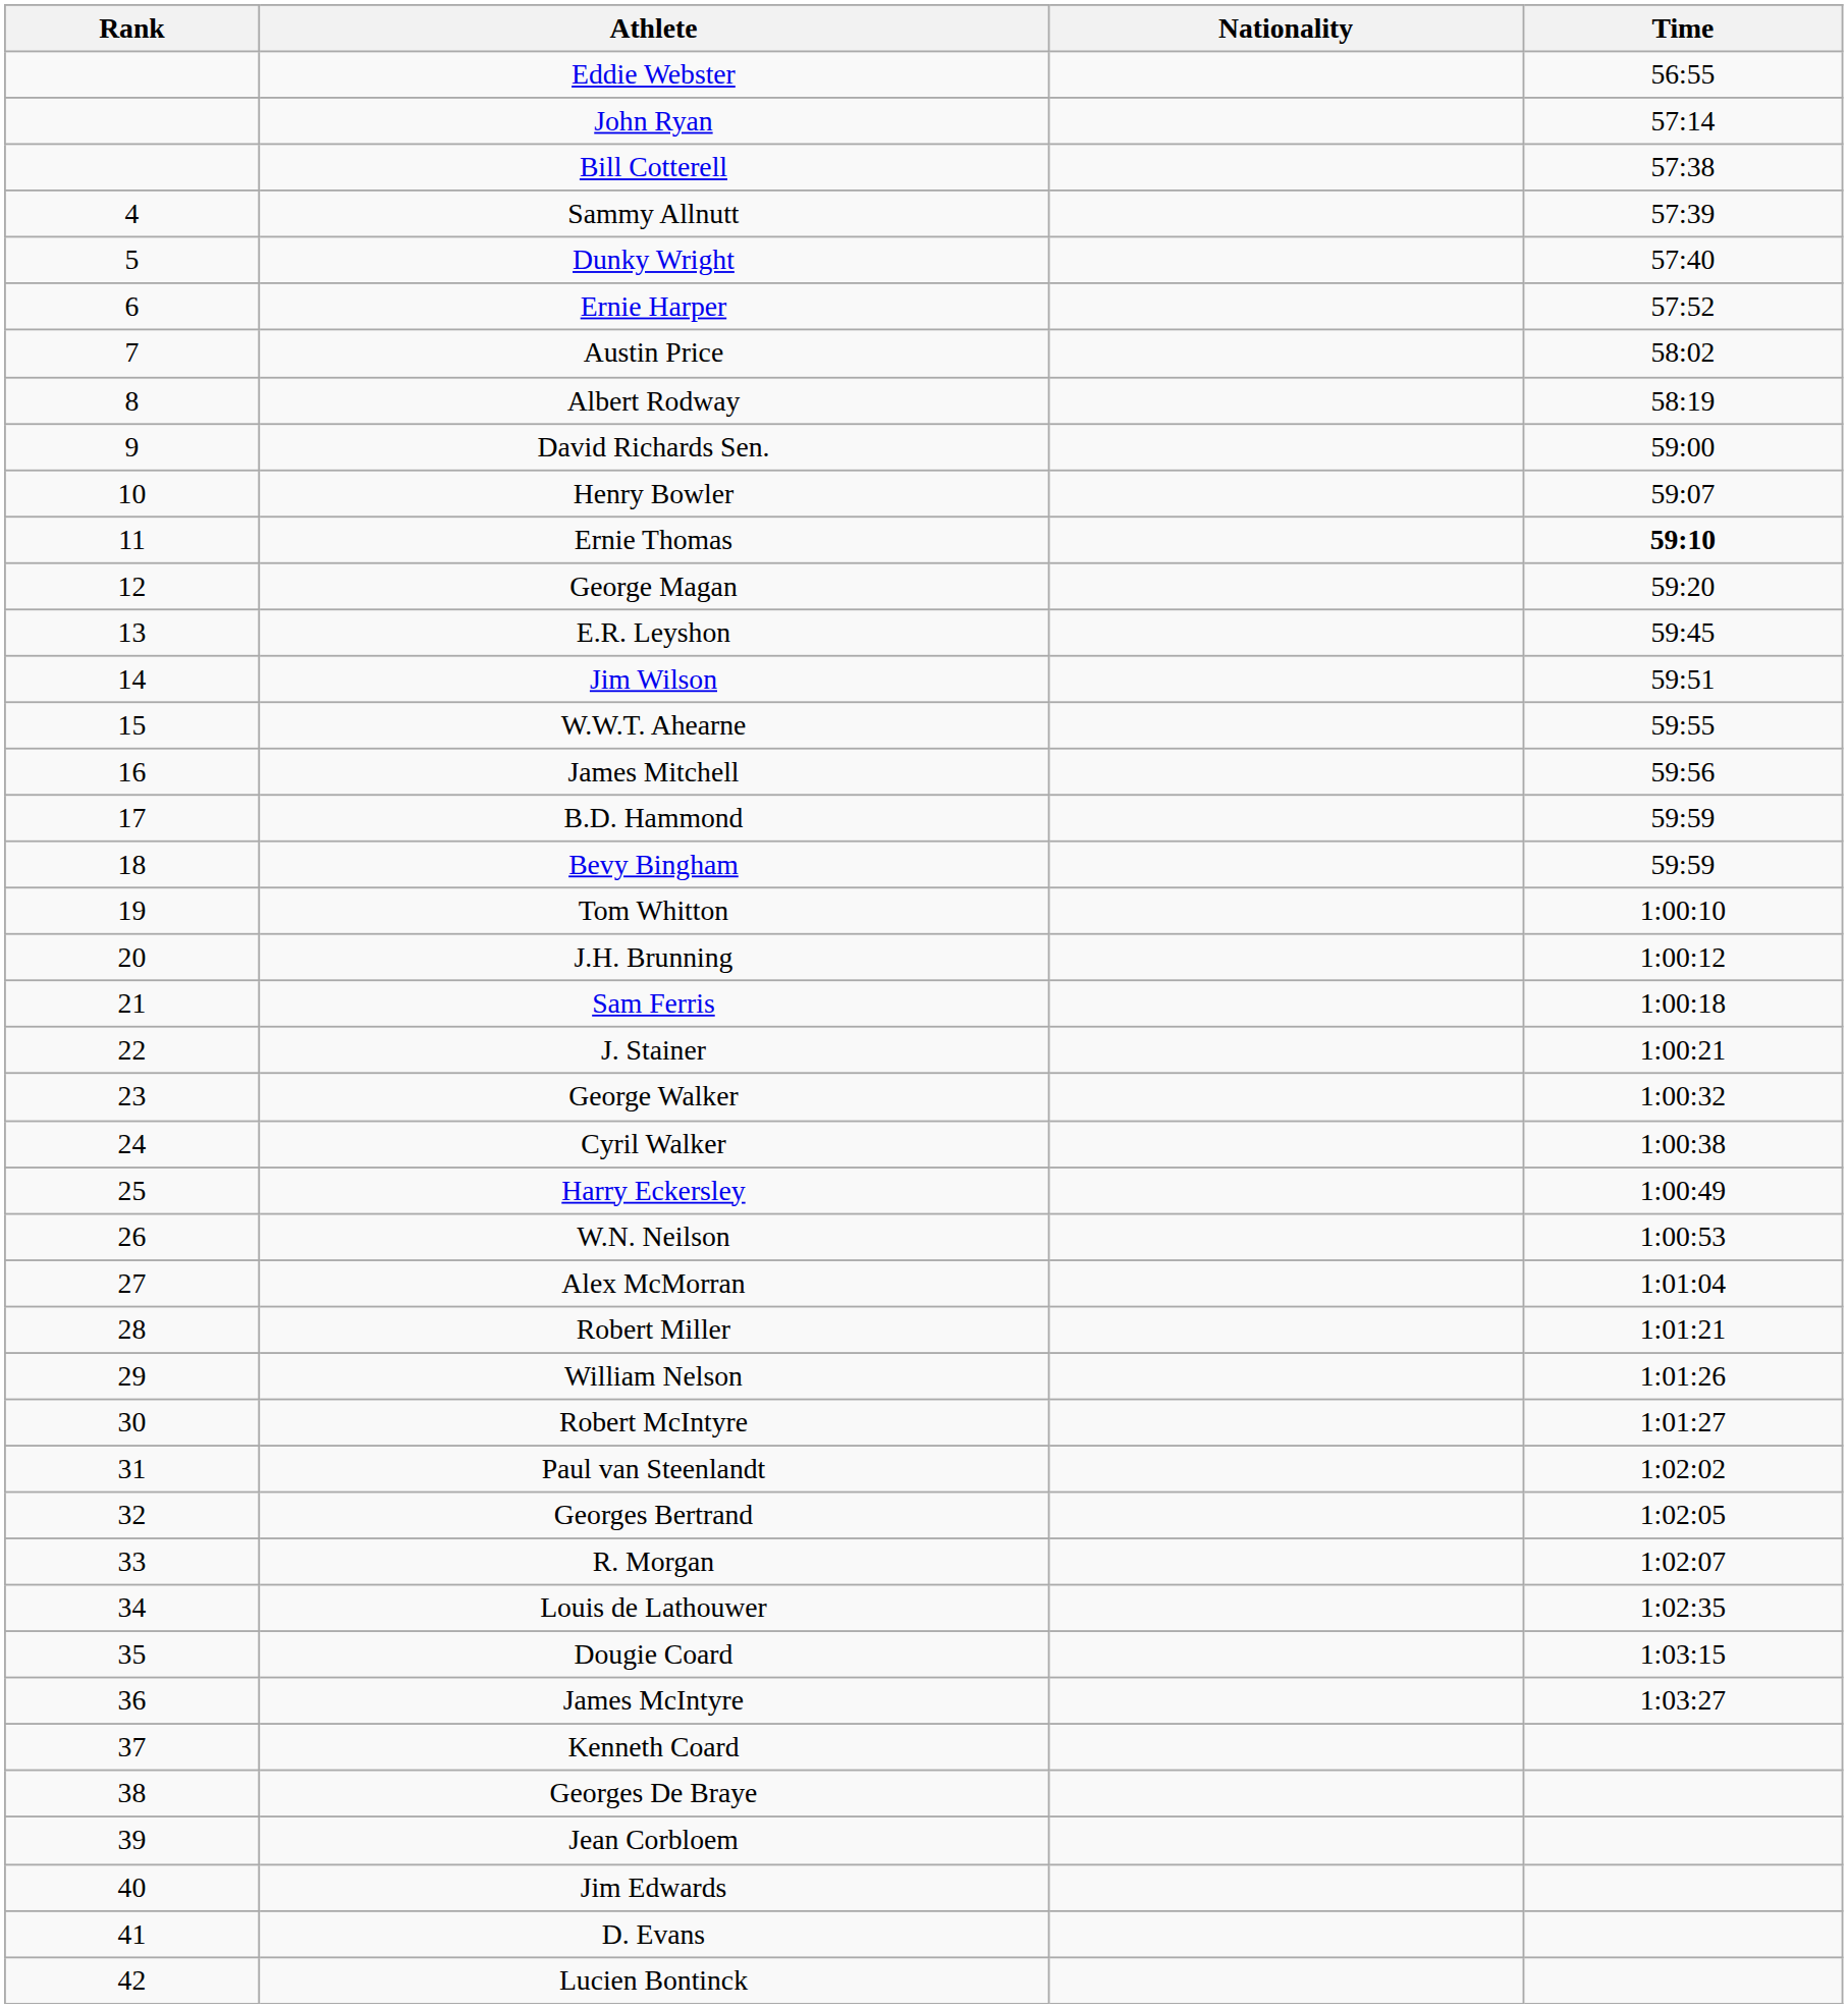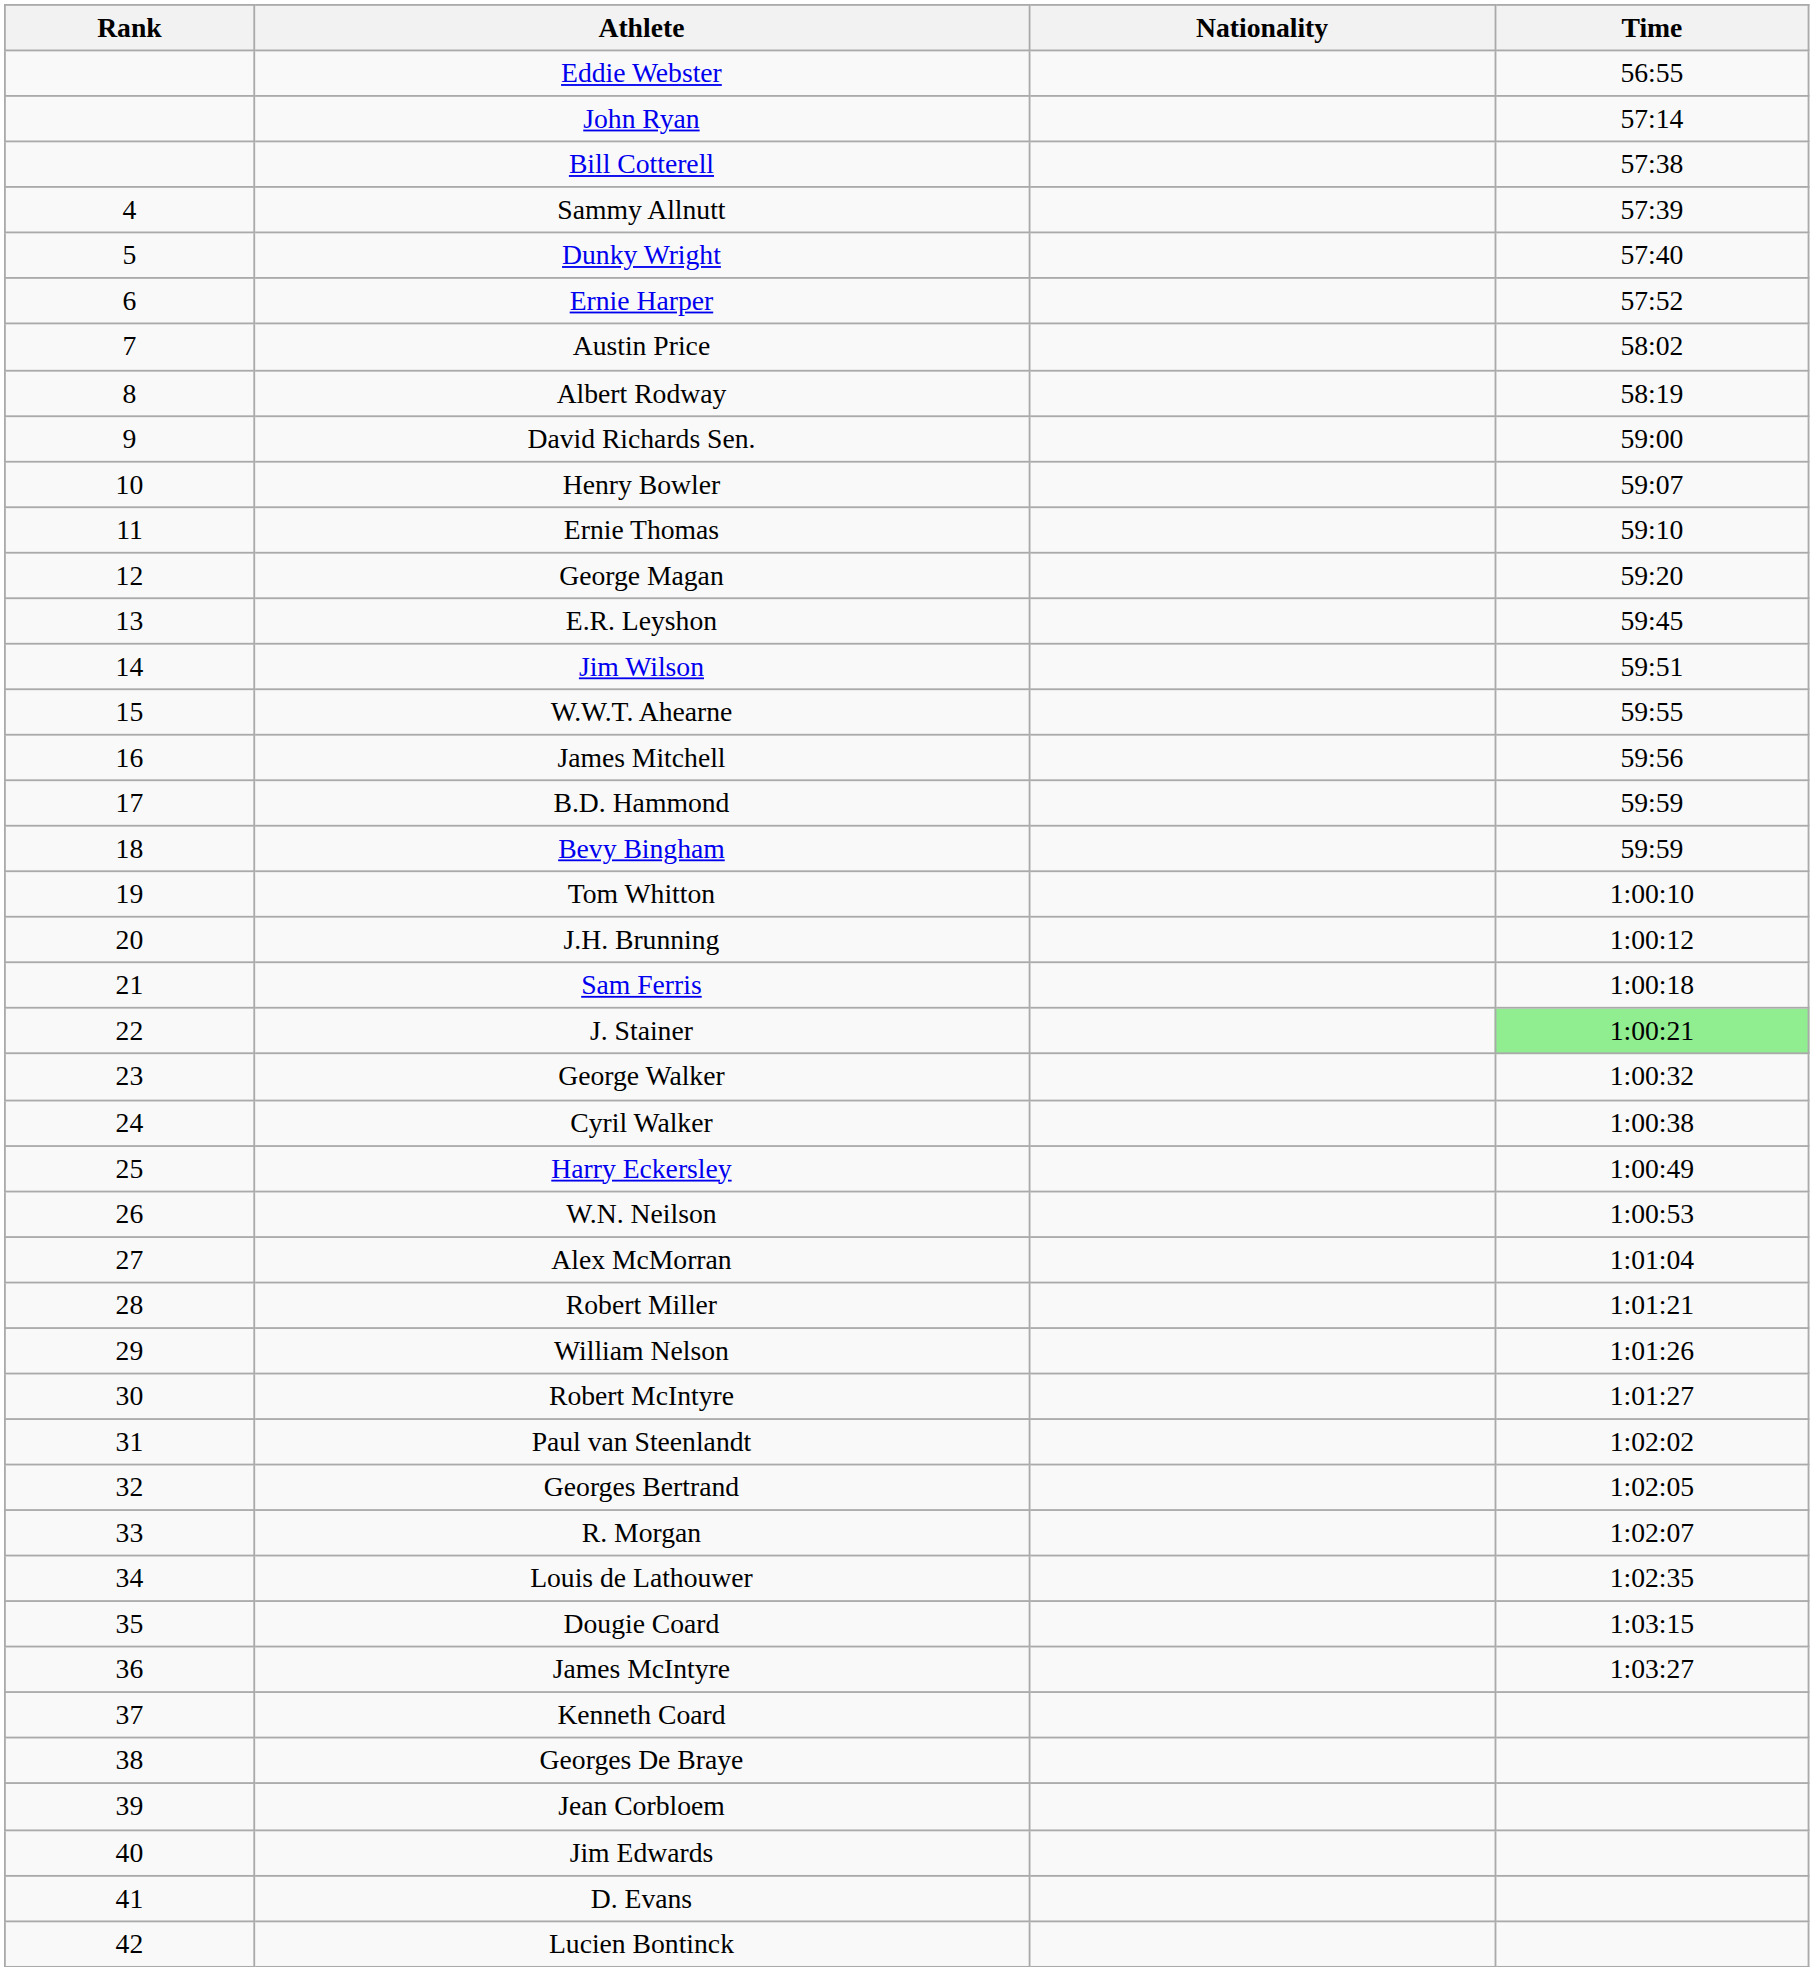 <table class="wikitable sortable" style=" text-align:center; font-size:95%;" width="50%">
 <tr>
 <th>Rank</th>
 <th>Athlete</th>
 <th>Nationality</th>
 <th>Time</th>
 </tr>
 <tr>
 <td align=center></td>
 <td><a href='#'>Eddie Webster</a></td>
 <td></td>
 <td>56:55</td>
 </tr>
 <tr>
 <td align=center></td>
 <td><a href='#'>John Ryan</a></td>
 <td></td>
 <td>57:14</td>
 </tr>
 <tr>
 <td align=center></td>
 <td><a href='#'>Bill Cotterell</a></td>
 <td></td>
 <td>57:38</td>
 </tr>
 <tr>
 <td align=center>4</td>
 <td>Sammy Allnutt</td>
 <td></td>
 <td>57:39</td>
 </tr>
 <tr>
 <td align=center>5</td>
 <td><a href='#'>Dunky Wright</a></td>
 <td></td>
 <td>57:40</td>
 </tr>
 <tr>
 <td align=center>6</td>
 <td><a href='#'>Ernie Harper</a></td>
 <td></td>
 <td>57:52</td>
 </tr>
 <tr>
 <td align=center>7</td>
 <td>Austin Price</td>
 <td></td>
 <td>58:02</td>
 </tr>
 <tr>
 <td align=center>8</td>
 <td>Albert Rodway</td>
 <td></td>
 <td>58:19</td>
 </tr>
 <tr>
 <td align=center>9</td>
 <td>David Richards Sen.</td>
 <td></td>
 <td>59:00</td>
 </tr>
 <tr>
 <td align=center>10</td>
 <td>Henry Bowler</td>
 <td></td>
 <td>59:07</td>
 </tr>
 <tr>
 <td align=center>11</td>
 <td>Ernie Thomas</td>
 <td></td>
-<td><strong>59:10</strong></td>
+<td>59:10</td>
 </tr>
 <tr>
 <td align=center>12</td>
 <td>George Magan</td>
 <td></td>
 <td>59:20</td>
 </tr>
 <tr>
 <td align=center>13</td>
 <td>E.R. Leyshon</td>
 <td></td>
 <td>59:45</td>
 </tr>
 <tr>
 <td align=center>14</td>
 <td><a href='#'>Jim Wilson</a></td>
 <td></td>
 <td>59:51</td>
 </tr>
 <tr>
 <td align=center>15</td>
 <td>W.W.T. Ahearne</td>
 <td></td>
 <td>59:55</td>
 </tr>
 <tr>
 <td align=center>16</td>
 <td>James Mitchell</td>
 <td></td>
 <td>59:56</td>
 </tr>
 <tr>
 <td align=center>17</td>
 <td>B.D. Hammond</td>
 <td></td>
 <td>59:59</td>
 </tr>
 <tr>
 <td align=center>18</td>
 <td><a href='#'>Bevy Bingham</a></td>
 <td></td>
 <td>59:59</td>
 </tr>
 <tr>
 <td align=center>19</td>
 <td>Tom Whitton</td>
 <td></td>
 <td>1:00:10</td>
 </tr>
 <tr>
 <td align=center>20</td>
 <td>J.H. Brunning</td>
 <td></td>
 <td>1:00:12</td>
 </tr>
 <tr>
 <td align=center>21</td>
 <td><a href='#'>Sam Ferris</a></td>
 <td></td>
 <td>1:00:18</td>
 </tr>
 <tr>
 <td align=center>22</td>
 <td>J. Stainer</td>
 <td></td>
-<td>1:00:21</td>
+<td style="background: lightgreen;">1:00:21</td>
 </tr>
 <tr>
 <td align=center>23</td>
 <td>George Walker</td>
 <td></td>
 <td>1:00:32</td>
 </tr>
 <tr>
 <td align=center>24</td>
 <td>Cyril Walker</td>
 <td></td>
 <td>1:00:38</td>
 </tr>
 <tr>
 <td align=center>25</td>
 <td><a href='#'>Harry Eckersley</a></td>
 <td></td>
 <td>1:00:49</td>
 </tr>
 <tr>
 <td align=center>26</td>
 <td>W.N. Neilson</td>
 <td></td>
 <td>1:00:53</td>
 </tr>
 <tr>
 <td align=center>27</td>
 <td>Alex McMorran</td>
 <td></td>
 <td>1:01:04</td>
 </tr>
 <tr>
 <td align=center>28</td>
 <td>Robert Miller</td>
 <td></td>
 <td>1:01:21</td>
 </tr>
 <tr>
 <td align=center>29</td>
 <td>William Nelson</td>
 <td></td>
 <td>1:01:26</td>
 </tr>
 <tr>
 <td align=center>30</td>
 <td>Robert McIntyre</td>
 <td></td>
 <td>1:01:27</td>
 </tr>
 <tr>
 <td align=center>31</td>
 <td>Paul van Steenlandt</td>
 <td></td>
 <td>1:02:02</td>
 </tr>
 <tr>
 <td align=center>32</td>
 <td>Georges Bertrand</td>
 <td></td>
 <td>1:02:05</td>
 </tr>
 <tr>
 <td align=center>33</td>
 <td>R. Morgan</td>
 <td></td>
 <td>1:02:07</td>
 </tr>
 <tr>
 <td align=center>34</td>
 <td>Louis de Lathouwer</td>
 <td></td>
 <td>1:02:35</td>
 </tr>
 <tr>
 <td align=center>35</td>
 <td>Dougie Coard</td>
 <td></td>
 <td>1:03:15</td>
 </tr>
 <tr>
 <td align=center>36</td>
 <td>James McIntyre</td>
 <td></td>
 <td>1:03:27</td>
 </tr>
 <tr>
 <td align=center>37</td>
 <td>Kenneth Coard</td>
 <td></td>
 <td></td>
 </tr>
 <tr>
 <td align=center>38</td>
 <td>Georges De Braye</td>
 <td></td>
 <td></td>
 </tr>
 <tr>
 <td align=center>39</td>
 <td>Jean Corbloem</td>
 <td></td>
 <td></td>
 </tr>
 <tr>
 <td align=center>40</td>
 <td>Jim Edwards</td>
 <td></td>
 <td></td>
 </tr>
 <tr>
 <td align=center>41</td>
 <td>D. Evans</td>
 <td></td>
 <td></td>
 </tr>
 <tr>
 <td align=center>42</td>
 <td>Lucien Bontinck</td>
 <td></td>
 <td></td>
 </tr>
 </table>
